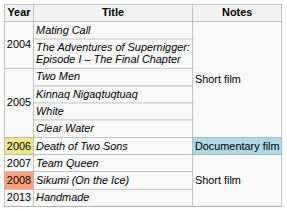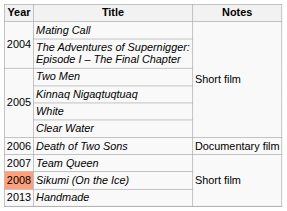 <table class="wikitable">
 <tr>
 <th>Year</th>
 <th>Title</th>
 <th>Notes</th>
 </tr>
 <tr>
 <td rowspan="2">2004</td>
 <td><em>Mating Call</em></td>
 <td rowspan=6>Short film</td>
 </tr>
 <tr>
 <td><em>The Adventures of Supernigger:<br>Episode I – The Final Chapter</em></td>
 </tr>
 <tr>
 <td rowspan="4">2005</td>
 <td><em>Two Men</em></td>
 </tr>
 <tr>
 <td><em>Kinnaq Nigaqtuqtuaq</em></td>
 </tr>
 <tr>
 <td><em>White</em></td>
 </tr>
 <tr>
 <td><em>Clear Water</em></td>
 </tr>
 <tr>
-<td style="background: khaki;">2006</td>
+<td>2006</td>
 <td><em>Death of Two Sons</em></td>
-<td style="background: lightblue;">Documentary film</td>
+<td>Documentary film</td>
 </tr>
 <tr>
 <td>2007</td>
 <td><em>Team Queen</em></td>
 <td rowspan=3>Short film</td>
 </tr>
 <tr>
 <td style="background: lightsalmon;">2008</td>
 <td><em>Sikumi (On the Ice)</em></td>
 </tr>
 <tr>
 <td>2013</td>
 <td><em>Handmade</em></td>
 </tr>
 <tr>
 </tr>
 </table>
